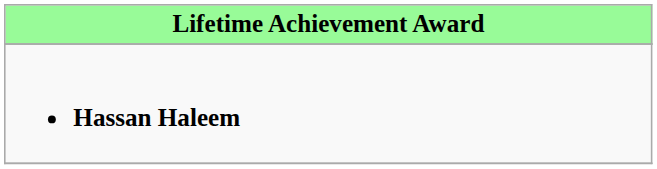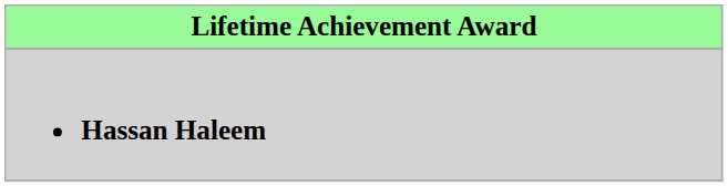 <table class="wikitable">
 <tr>
 <th style="background:#98fb98; width:50%;">Lifetime Achievement Award</th>
 </tr>
 <tr>
 </tr>
 <tr>
-<td valign="top"><br><ul><li><strong>Hassan Haleem</strong></li></ul></td>
+<td valign="top" style="background: lightgrey;"><br><ul><li><strong>Hassan Haleem</strong></li></ul></td>
 </tr>
 <tr>
 </tr>
 </table>
